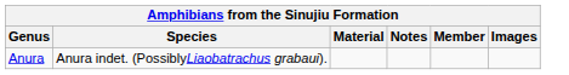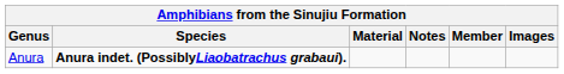 <table class="wikitable">
 <tr>
 <th colspan="6"><strong><a href='#'>Amphibians</a> from the Sinujiu Formation</strong></th>
 </tr>
 <tr>
 <th>Genus</th>
 <th>Species</th>
 <th>Material</th>
 <th>Notes</th>
 <th>Member</th>
 <th>Images</th>
 </tr>
 <tr>
 <td><a href='#'>Anura</a></td>
-<td>Anura indet. (Possibly<em><a href='#'>Liaobatrachus</a> grabaui</em>).</td>
+<td><strong>Anura indet. (Possibly<em><a href='#'>Liaobatrachus</a> grabaui</em>).</strong></td>
 <td></td>
 <td></td>
 <td></td>
 <td></td>
 </tr>
 </table>
